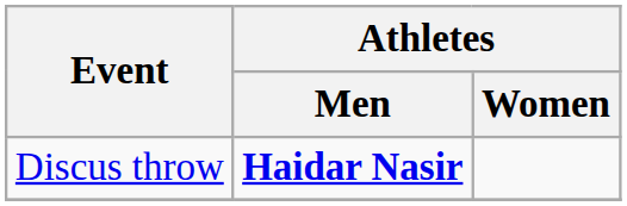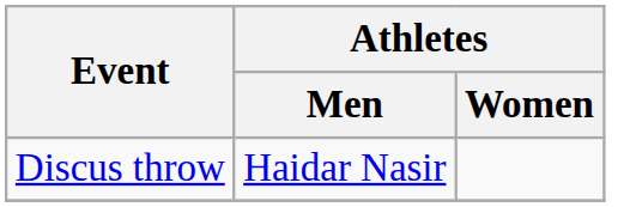 <table class=wikitable style="font-size:90%">
 <tr>
 <th rowspan=2>Event</th>
 <th colspan=2>Athletes</th>
 </tr>
 <tr>
 <th>Men</th>
 <th>Women</th>
 </tr>
 <tr>
 <td><a href='#'>Discus throw</a></td>
-<td><strong><a href='#'>Haidar Nasir</a></strong></td>
+<td><a href='#'>Haidar Nasir</a></td>
 <td></td>
 </tr>
 <tr>
 </tr>
 </table>
